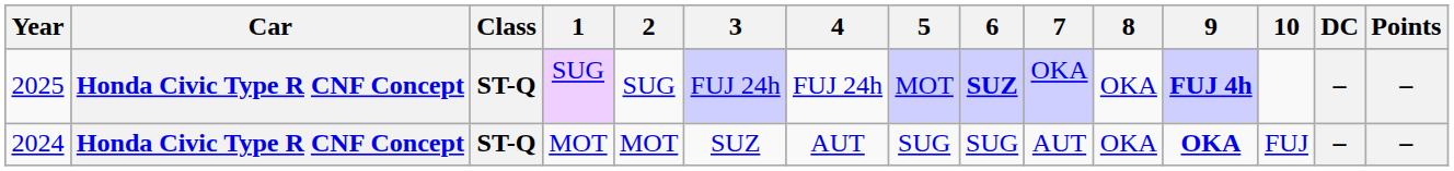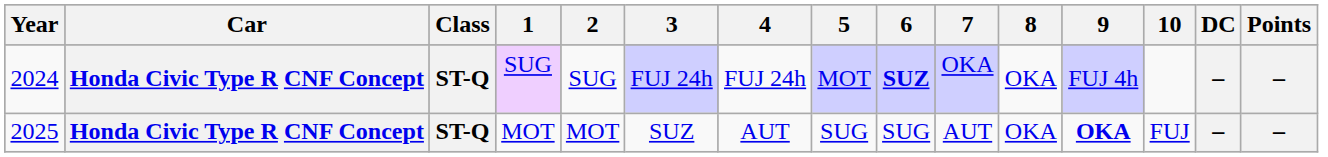 <table class="wikitable" style="text-align:center; font-size:90%">
 <tr>
 <th>Year</th>
 <th>Car</th>
 <th>Class</th>
 <th>1</th>
 <th>2</th>
 <th>3</th>
 <th>4</th>
 <th>5</th>
 <th>6</th>
 <th>7</th>
 <th>8</th>
 <th>9</th>
 <th>10</th>
 <th>DC</th>
 <th>Points</th>
 </tr>
 <tr>
-<td><a href='#'>2025</a></td>
+<td><a href='#'>2024</a></td>
 <th><a href='#'>Honda Civic Type R</a> <a href='#'>CNF Concept</a></th>
 <th>ST-Q</th>
 <td style="background:#EFCFFF;"><a href='#'>SUG<br></a><br></td>
 <td><a href='#'>SUG<br></a></td>
 <td style="background:#CFCFFF;"><a href='#'>FUJ 24h</a><br></td>
 <td><a href='#'>FUJ 24h</a></td>
 <td style="background:#CFCFFF;"><a href='#'>MOT</a><br></td>
 <td style="background:#CFCFFF;"><strong><a href='#'>SUZ</a></strong><br></td>
 <td style="background:#CFCFFF;"><a href='#'>OKA<br></a><br></td>
 <td><a href='#'>OKA<br></a></td>
-<td style="background:#CFCFFF;"><strong><a href='#'>FUJ 4h</a><br></strong></td>
+<td style="background:#CFCFFF;"><a href='#'>FUJ 4h</a><br></td>
 <td></td>
 <th>–</th>
 <th>–</th>
 </tr>
 <tr>
-<td><a href='#'>2024</a></td>
+<td><a href='#'>2025</a></td>
 <th><a href='#'>Honda Civic Type R</a> <a href='#'>CNF Concept</a></th>
 <th>ST-Q</th>
 <td><a href='#'>MOT<br></a></td>
 <td><a href='#'>MOT<br></a></td>
 <td><a href='#'>SUZ</a></td>
 <td><a href='#'>AUT</a></td>
 <td><a href='#'>SUG<br></a></td>
 <td><a href='#'>SUG<br></a></td>
 <td><a href='#'>AUT</a></td>
 <td><a href='#'>OKA<br></a></td>
 <td><strong><a href='#'>OKA<br></a></strong></td>
 <td><a href='#'>FUJ</a></td>
 <th>–</th>
 <th>–</th>
 </tr>
 </table>
